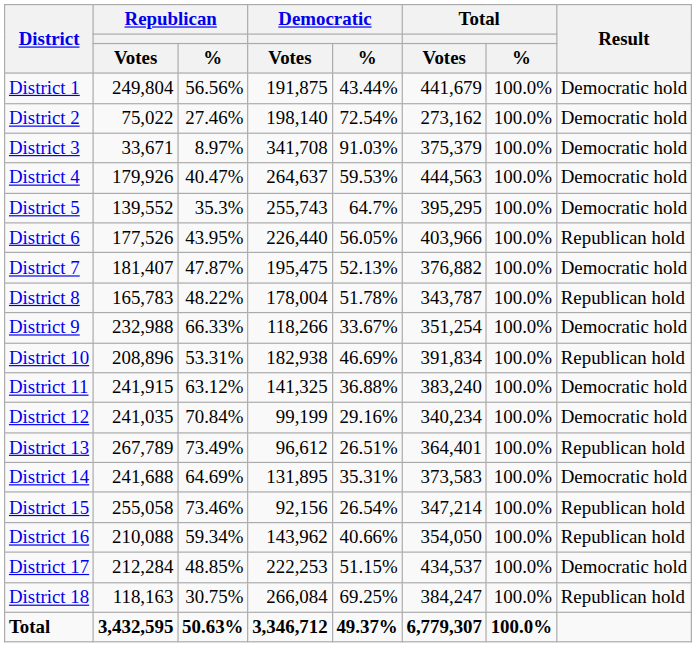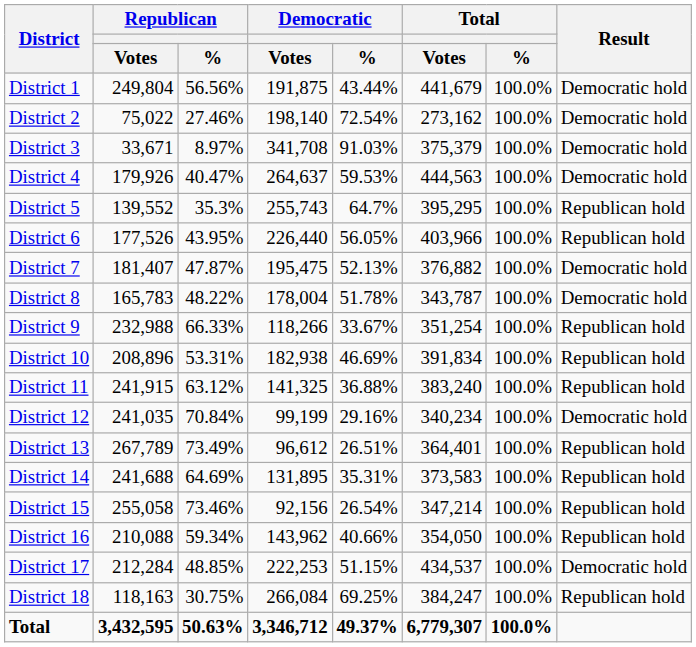 <table class="wikitable plainrowheaders sortable" style="font-size:100%; text-align:right;">
 <tr>
 <th scope=col rowspan=3><a href='#'>District</a></th>
 <th scope=col colspan=2><a href='#'>Republican</a></th>
 <th scope=col colspan=2><a href='#'>Democratic</a></th>
 <th scope=col colspan=2>Total</th>
 <th scope=col rowspan=3>Result</th>
 </tr>
 <tr>
 <th scope=col colspan=2 style="background:"></th>
 <th scope=col colspan=2 style="background:"></th>
 <th scope=col colspan=2></th>
 </tr>
 <tr>
 <th scope=col data-sort-type="number">Votes</th>
 <th scope=col data-sort-type="number">%</th>
 <th scope=col data-sort-type="number">Votes</th>
 <th scope=col data-sort-type="number">%</th>
 <th scope=col data-sort-type="number">Votes</th>
 <th scope=col data-sort-type="number">%</th>
 </tr>
 <tr>
 <td align=left><a href='#'>District 1</a></td>
 <td>249,804</td>
 <td>56.56%</td>
 <td>191,875</td>
 <td>43.44%</td>
 <td>441,679</td>
 <td>100.0%</td>
 <td align=left>Democratic hold</td>
 </tr>
 <tr>
 <td align=left><a href='#'>District 2</a></td>
 <td>75,022</td>
 <td>27.46%</td>
 <td>198,140</td>
 <td>72.54%</td>
 <td>273,162</td>
 <td>100.0%</td>
 <td align=left>Democratic hold</td>
 </tr>
 <tr>
 <td align=left><a href='#'>District 3</a></td>
 <td>33,671</td>
 <td>8.97%</td>
 <td>341,708</td>
 <td>91.03%</td>
 <td>375,379</td>
 <td>100.0%</td>
 <td align=left>Democratic hold</td>
 </tr>
 <tr>
 <td align=left><a href='#'>District 4</a></td>
 <td>179,926</td>
 <td>40.47%</td>
 <td>264,637</td>
 <td>59.53%</td>
 <td>444,563</td>
 <td>100.0%</td>
 <td align=left>Democratic hold</td>
 </tr>
 <tr>
 <td align=left><a href='#'>District 5</a></td>
 <td>139,552</td>
 <td>35.3%</td>
 <td>255,743</td>
 <td>64.7%</td>
 <td>395,295</td>
 <td>100.0%</td>
-<td align=left>Democratic hold</td>
+<td align=left>Republican hold</td>
 </tr>
 <tr>
 <td align=left><a href='#'>District 6</a></td>
 <td>177,526</td>
 <td>43.95%</td>
 <td>226,440</td>
 <td>56.05%</td>
 <td>403,966</td>
 <td>100.0%</td>
 <td align=left>Republican hold</td>
 </tr>
 <tr>
 <td align=left><a href='#'>District 7</a></td>
 <td>181,407</td>
 <td>47.87%</td>
 <td>195,475</td>
 <td>52.13%</td>
 <td>376,882</td>
 <td>100.0%</td>
 <td align=left>Democratic hold</td>
 </tr>
 <tr>
 <td align=left><a href='#'>District 8</a></td>
 <td>165,783</td>
 <td>48.22%</td>
 <td>178,004</td>
 <td>51.78%</td>
 <td>343,787</td>
 <td>100.0%</td>
-<td align=left>Republican hold</td>
+<td align=left>Democratic hold</td>
 </tr>
 <tr>
 <td align=left><a href='#'>District 9</a></td>
 <td>232,988</td>
 <td>66.33%</td>
 <td>118,266</td>
 <td>33.67%</td>
 <td>351,254</td>
 <td>100.0%</td>
-<td align=left>Democratic hold</td>
+<td align=left>Republican hold</td>
 </tr>
 <tr>
 <td align=left><a href='#'>District 10</a></td>
 <td>208,896</td>
 <td>53.31%</td>
 <td>182,938</td>
 <td>46.69%</td>
 <td>391,834</td>
 <td>100.0%</td>
 <td align=left>Republican hold</td>
 </tr>
 <tr>
 <td align=left><a href='#'>District 11</a></td>
 <td>241,915</td>
 <td>63.12%</td>
 <td>141,325</td>
 <td>36.88%</td>
 <td>383,240</td>
 <td>100.0%</td>
-<td align=left>Democratic hold</td>
+<td align=left>Republican hold</td>
 </tr>
 <tr>
 <td align=left><a href='#'>District 12</a></td>
 <td>241,035</td>
 <td>70.84%</td>
 <td>99,199</td>
 <td>29.16%</td>
 <td>340,234</td>
 <td>100.0%</td>
 <td align=left>Democratic hold</td>
 </tr>
 <tr>
 <td align=left><a href='#'>District 13</a></td>
 <td>267,789</td>
 <td>73.49%</td>
 <td>96,612</td>
 <td>26.51%</td>
 <td>364,401</td>
 <td>100.0%</td>
 <td align=left>Republican hold</td>
 </tr>
 <tr>
 <td align=left><a href='#'>District 14</a></td>
 <td>241,688</td>
 <td>64.69%</td>
 <td>131,895</td>
 <td>35.31%</td>
 <td>373,583</td>
 <td>100.0%</td>
-<td align=left>Democratic hold</td>
+<td align=left>Republican hold</td>
 </tr>
 <tr>
 <td align=left><a href='#'>District 15</a></td>
 <td>255,058</td>
 <td>73.46%</td>
 <td>92,156</td>
 <td>26.54%</td>
 <td>347,214</td>
 <td>100.0%</td>
 <td align=left>Republican hold</td>
 </tr>
 <tr>
 <td align=left><a href='#'>District 16</a></td>
 <td>210,088</td>
 <td>59.34%</td>
 <td>143,962</td>
 <td>40.66%</td>
 <td>354,050</td>
 <td>100.0%</td>
 <td align=left>Republican hold</td>
 </tr>
 <tr>
 <td align=left><a href='#'>District 17</a></td>
 <td>212,284</td>
 <td>48.85%</td>
 <td>222,253</td>
 <td>51.15%</td>
 <td>434,537</td>
 <td>100.0%</td>
 <td align=left>Democratic hold</td>
 </tr>
 <tr>
 <td align=left><a href='#'>District 18</a></td>
 <td>118,163</td>
 <td>30.75%</td>
 <td>266,084</td>
 <td>69.25%</td>
 <td>384,247</td>
 <td>100.0%</td>
 <td align=left>Republican hold</td>
 </tr>
 <tr class="sortbottom" style="font-weight:bold">
 <td align=left>Total</td>
 <td>3,432,595</td>
 <td>50.63%</td>
 <td>3,346,712</td>
 <td>49.37%</td>
 <td>6,779,307</td>
 <td>100.0%</td>
 <td></td>
 </tr>
 </table>
